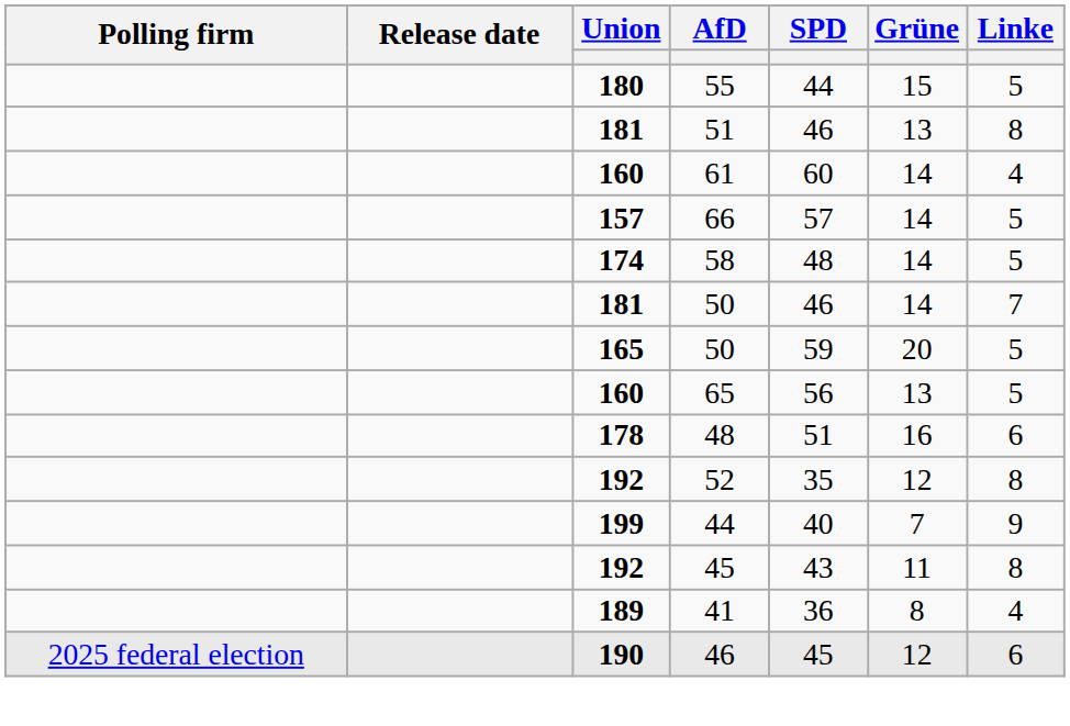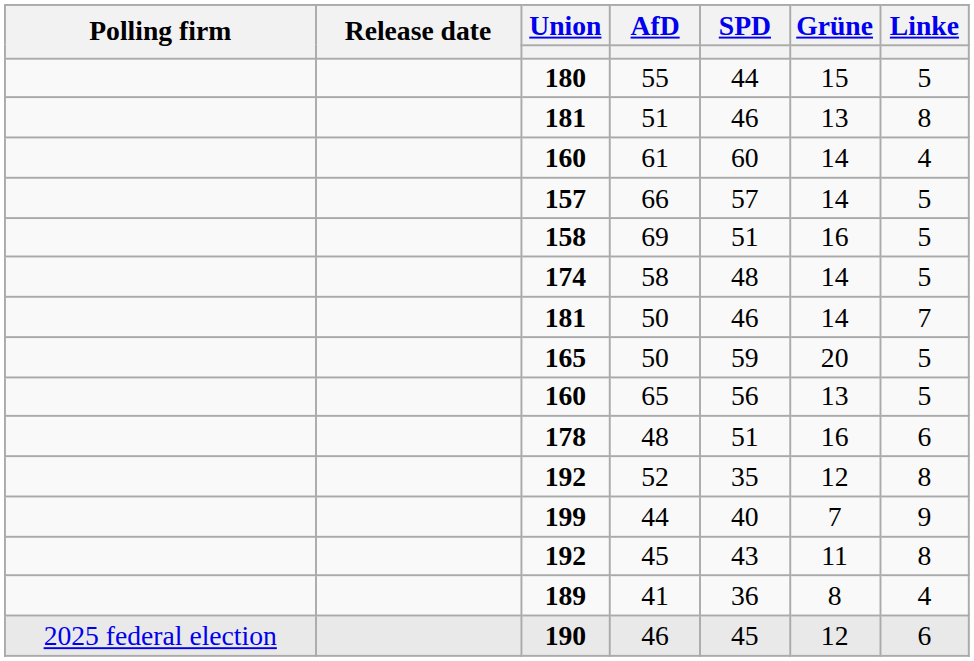 <table class="wikitable sortable mw-datatable" style="text-align:center;font-size:90%;line-height:14px;">
 <tr>
 <th style="width:155px;" rowspan="2">Polling firm</th>
 <th style="width:100px;" rowspan="2">Release date</th>
 <th class="unsortable" style="width:40px;"><a href='#'>Union</a></th>
 <th class="unsortable" style="width:40px;"><a href='#'>AfD</a></th>
 <th class="unsortable" style="width:40px;"><a href='#'>SPD</a></th>
 <th class="unsortable" style="width:40px;"><a href='#'>Grüne</a></th>
 <th class="unsortable" style="width:40px;"><a href='#'>Linke</a></th>
 </tr>
 <tr>
 <th style="background:"></th>
 <th style="background:"></th>
 <th style="background:"></th>
 <th style="background:"></th>
 <th style="background:"></th>
 </tr>
 <tr>
 <td></td>
 <td></td>
 <td><strong>180</strong></td>
 <td>55</td>
 <td>44</td>
 <td>15</td>
 <td>5</td>
 </tr>
 <tr>
 <td></td>
 <td></td>
 <td><strong>181</strong></td>
 <td>51</td>
 <td>46</td>
 <td>13</td>
 <td>8</td>
 </tr>
 <tr>
 <td></td>
 <td></td>
 <td><strong>160</strong></td>
 <td>61</td>
 <td>60</td>
 <td>14</td>
 <td>4</td>
 </tr>
 <tr>
 <td></td>
 <td></td>
 <td><strong>157</strong></td>
 <td>66</td>
 <td>57</td>
 <td>14</td>
+<td>5</td>
+</tr>
+<tr>
+<td></td>
+<td></td>
+<td><strong>158</strong></td>
+<td>69</td>
+<td>51</td>
+<td>16</td>
 <td>5</td>
 </tr>
 <tr>
 <td></td>
 <td></td>
 <td><strong>174</strong></td>
 <td>58</td>
 <td>48</td>
 <td>14</td>
 <td>5</td>
 </tr>
 <tr>
 <td></td>
 <td></td>
 <td><strong>181</strong></td>
 <td>50</td>
 <td>46</td>
 <td>14</td>
 <td>7</td>
 </tr>
 <tr>
 <td></td>
 <td></td>
 <td><strong>165</strong></td>
 <td>50</td>
 <td>59</td>
 <td>20</td>
 <td>5</td>
 </tr>
 <tr>
 <td></td>
 <td></td>
 <td><strong>160</strong></td>
 <td>65</td>
 <td>56</td>
 <td>13</td>
 <td>5</td>
 </tr>
 <tr>
 <td></td>
 <td></td>
 <td><strong>178</strong></td>
 <td>48</td>
 <td>51</td>
 <td>16</td>
 <td>6</td>
 </tr>
 <tr>
 <td></td>
 <td></td>
 <td><strong>192</strong></td>
 <td>52</td>
 <td>35</td>
 <td>12</td>
 <td>8</td>
 </tr>
 <tr>
 <td></td>
 <td></td>
 <td><strong>199</strong></td>
 <td>44</td>
 <td>40</td>
 <td>7</td>
 <td>9</td>
 </tr>
 <tr>
 <td></td>
 <td></td>
 <td><strong>192</strong></td>
 <td>45</td>
 <td>43</td>
 <td>11</td>
 <td>8</td>
 </tr>
 <tr>
 <td></td>
 <td></td>
 <td><strong>189</strong></td>
 <td>41</td>
 <td>36</td>
 <td>8</td>
 <td>4</td>
 </tr>
 <tr style="background:#E9E9E9;">
 <td><a href='#'>2025 federal election</a></td>
 <td></td>
 <td><strong>190</strong></td>
 <td>46</td>
 <td>45</td>
 <td>12</td>
 <td>6</td>
 </tr>
 </table>
